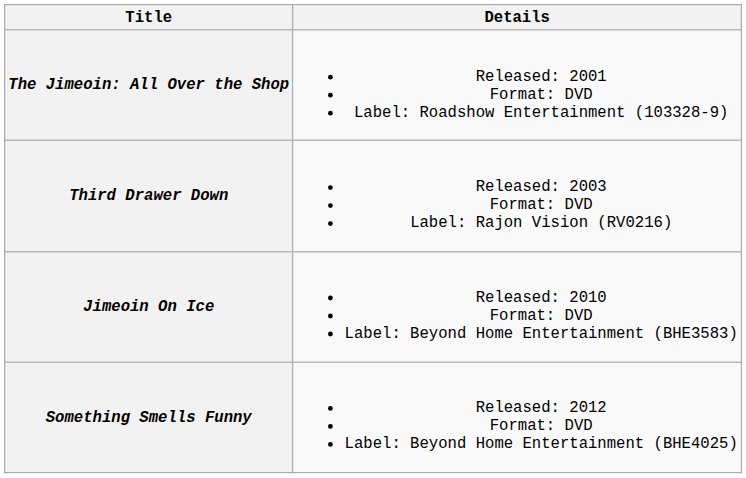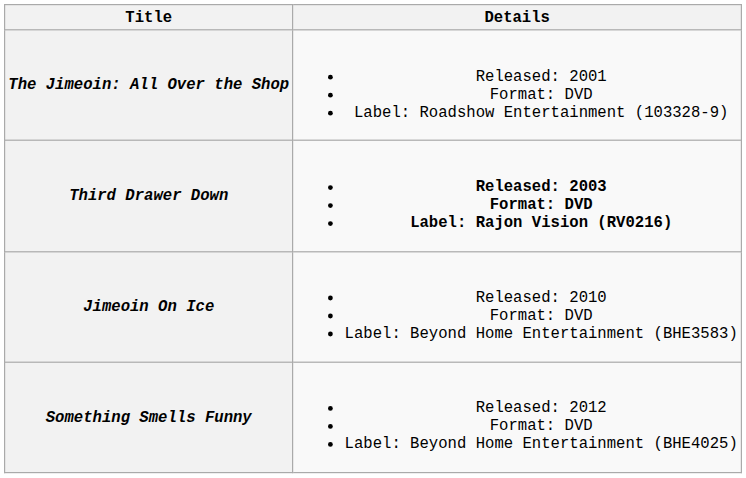 <table class="wikitable plainrowheaders" style="text-align:center;" border="1">
 <tr>
 <th>Title</th>
 <th>Details</th>
 </tr>
 <tr>
 <th scope="row"><em>The Jimeoin: All Over the Shop</em></th>
 <td><br><ul><li>Released: 2001</li><li>Format: DVD</li><li>Label: Roadshow Entertainment (103328-9)</li></ul></td>
 </tr>
 <tr>
 <th scope="row"><em>Third Drawer Down</em></th>
-<td><br><ul><li>Released: 2003</li><li>Format: DVD</li><li>Label: Rajon Vision (RV0216)</li></ul></td>
+<td><strong><br><ul><li>Released: 2003</li><li>Format: DVD</li><li>Label: Rajon Vision (RV0216)</li></ul></strong></td>
 </tr>
 <tr>
 <th scope="row"><em>Jimeoin On Ice</em></th>
 <td><br><ul><li>Released: 2010</li><li>Format: DVD</li><li>Label: Beyond Home Entertainment (BHE3583)</li></ul></td>
 </tr>
 <tr>
 <th scope="row"><em>Something Smells Funny</em></th>
 <td><br><ul><li>Released: 2012</li><li>Format: DVD</li><li>Label: Beyond Home Entertainment (BHE4025)</li></ul></td>
 </tr>
 </table>
